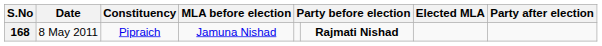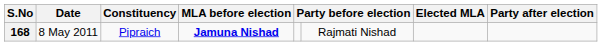 <table class="wikitable sortable" style="text-align:center;">
 <tr>
 <th>S.No</th>
 <th>Date</th>
 <th>Constituency</th>
 <th>MLA before election</th>
 <th colspan="2">Party before election</th>
 <th>Elected MLA</th>
 <th colspan="2">Party after election</th>
 </tr>
 <tr>
 <th>168</th>
 <td>8 May 2011</td>
 <td><a href='#'>Pipraich</a></td>
-<td><a href='#'>Jamuna Nishad</a></td>
+<td><strong><a href='#'>Jamuna Nishad</a></strong></td>
 <td></td>
-<td><strong>Rajmati Nishad</strong></td>
+<td>Rajmati Nishad</td>
 <td></td>
 </tr>
 </table>
